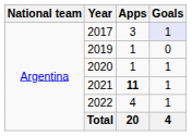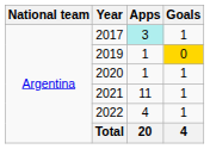 <table class="wikitable" style="text-align:center">
 <tr>
 <th>National team</th>
 <th>Year</th>
 <th>Apps</th>
 <th>Goals</th>
 </tr>
 <tr>
 <td rowspan="6"><a href='#'>Argentina</a></td>
 <td>2017</td>
-<td>3</td>
-<td style="background: lavender;">1</td>
+<td style="background: paleturquoise;">3</td>
+<td>1</td>
 </tr>
 <tr>
 <td>2019</td>
 <td>1</td>
-<td>0</td>
+<td style="background: gold;">0</td>
 </tr>
 <tr>
 <td>2020</td>
 <td>1</td>
 <td>1</td>
 </tr>
 <tr>
 <td>2021</td>
-<td><strong>11</strong></td>
+<td>11</td>
 <td>1</td>
 </tr>
 <tr>
 <td>2022</td>
 <td>4</td>
 <td>1</td>
 </tr>
 <tr>
 <th>Total</th>
 <th>20</th>
 <th>4</th>
 </tr>
 </table>
